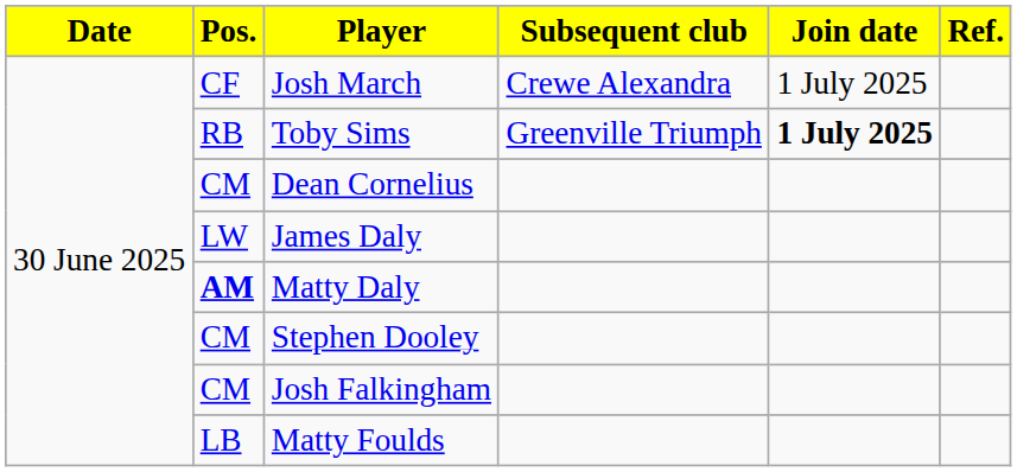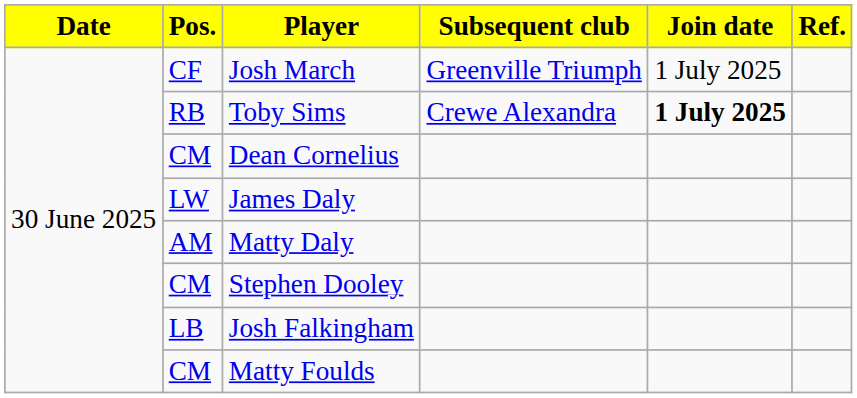 <table class="wikitable plainrowheaders sortable">
 <tr>
 <th style="background: yellow; color: black; ">Date</th>
 <th style="background: yellow; color: black; ">Pos.</th>
 <th style="background: yellow; color: black; ">Player</th>
 <th style="background: yellow; color: black; ">Subsequent club</th>
 <th style="background: yellow; color: black; ">Join date</th>
 <th style="background: yellow; color: black; ">Ref.</th>
 </tr>
 <tr>
 <td rowspan="8">30 June 2025</td>
 <td><a href='#'>CF</a></td>
 <td> <a href='#'>Josh March</a></td>
-<td> <a href='#'>Crewe Alexandra</a></td>
+<td> <a href='#'>Greenville Triumph</a></td>
 <td>1 July 2025</td>
 <td></td>
 </tr>
 <tr>
 <td><a href='#'>RB</a></td>
 <td> <a href='#'>Toby Sims</a></td>
-<td> <a href='#'>Greenville Triumph</a></td>
+<td> <a href='#'>Crewe Alexandra</a></td>
 <td><strong>1 July 2025</strong></td>
 <td></td>
 </tr>
 <tr>
 <td><a href='#'>CM</a></td>
 <td> <a href='#'>Dean Cornelius</a></td>
 <td></td>
 <td></td>
 <td></td>
 </tr>
 <tr>
 <td><a href='#'>LW</a></td>
 <td> <a href='#'>James Daly</a></td>
 <td></td>
 <td></td>
 <td></td>
 </tr>
 <tr>
-<td><strong><a href='#'>AM</a></strong></td>
+<td><a href='#'>AM</a></td>
 <td> <a href='#'>Matty Daly</a></td>
 <td></td>
 <td></td>
 <td></td>
 </tr>
 <tr>
 <td><a href='#'>CM</a></td>
 <td> <a href='#'>Stephen Dooley</a></td>
 <td></td>
 <td></td>
 <td></td>
 </tr>
 <tr>
-<td><a href='#'>CM</a></td>
+<td><a href='#'>LB</a></td>
 <td> <a href='#'>Josh Falkingham</a></td>
 <td></td>
 <td></td>
 <td></td>
 </tr>
 <tr>
-<td><a href='#'>LB</a></td>
+<td><a href='#'>CM</a></td>
 <td> <a href='#'>Matty Foulds</a></td>
 <td></td>
 <td></td>
 <td></td>
 </tr>
 </table>
